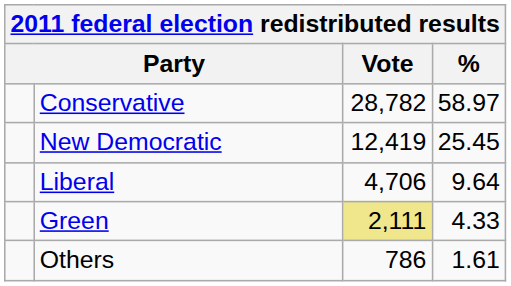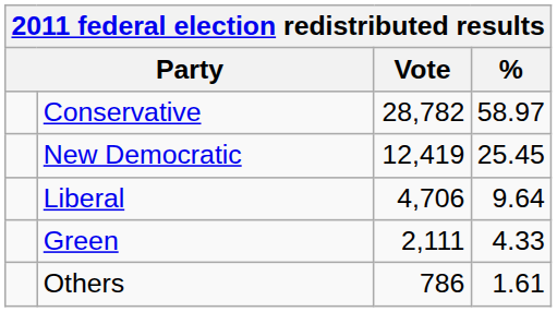 <table class="wikitable">
 <tr>
 <th colspan="4"><a href='#'>2011 federal election</a> redistributed results</th>
 </tr>
 <tr>
 <th bgcolor="#DDDDFF" width="130px" colspan="2">Party</th>
 <th bgcolor="#DDDDFF" width="50px">Vote</th>
 <th bgcolor="#DDDDFF" width="30px">%</th>
 </tr>
 <tr>
 <td> </td>
 <td><a href='#'>Conservative</a></td>
 <td align=right>28,782</td>
 <td align=right>58.97</td>
 </tr>
 <tr>
 <td> </td>
 <td><a href='#'>New Democratic</a></td>
 <td align=right>12,419</td>
 <td align=right>25.45</td>
 </tr>
 <tr>
 <td> </td>
 <td><a href='#'>Liberal</a></td>
 <td align=right>4,706</td>
 <td align=right>9.64</td>
 </tr>
 <tr>
 <td> </td>
 <td><a href='#'>Green</a></td>
-<td align=right style="background: khaki;">2,111</td>
+<td align=right>2,111</td>
 <td align=right>4.33</td>
 </tr>
 <tr>
 <td> </td>
 <td>Others</td>
 <td align=right>786</td>
 <td align=right>1.61</td>
 </tr>
 </table>
